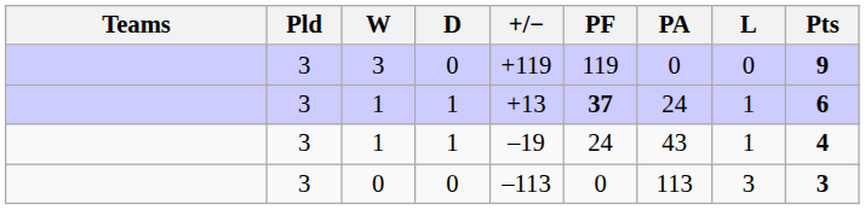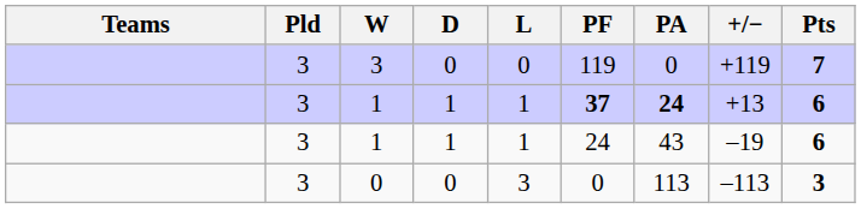 <table class="wikitable" style="text-align: center;">
 <tr>
 <th width="160">Teams</th>
 <th width="40">Pld</th>
 <th width="40">W</th>
 <th width="40">D</th>
-<th width="40">+/−</th>
+<th width="40">L</th>
 <th width="40">PF</th>
 <th width="40">PA</th>
-<th width="40">L</th>
+<th width="40">+/−</th>
 <th width="40">Pts</th>
 </tr>
 <tr bgcolor=ccccff>
 <td align=left></td>
 <td>3</td>
 <td>3</td>
 <td>0</td>
-<td>+119</td>
+<td>0</td>
 <td>119</td>
 <td>0</td>
-<td>0</td>
-<td><strong>9</strong></td>
+<td>+119</td>
+<td><strong>7</strong></td>
 </tr>
 <tr bgcolor=ccccff>
 <td align=left></td>
 <td>3</td>
 <td>1</td>
 <td>1</td>
+<td>1</td>
+<td><strong>37</strong></td>
+<td><strong>24</strong></td>
 <td>+13</td>
-<td><strong>37</strong></td>
-<td>24</td>
-<td>1</td>
 <td><strong>6</strong></td>
 </tr>
 <tr>
 <td align=left></td>
 <td>3</td>
 <td>1</td>
 <td>1</td>
-<td>–19</td>
+<td>1</td>
 <td>24</td>
 <td>43</td>
-<td>1</td>
-<td><strong>4</strong></td>
+<td>–19</td>
+<td><strong>6</strong></td>
 </tr>
 <tr>
 <td align=left></td>
 <td>3</td>
 <td>0</td>
 <td>0</td>
-<td>–113</td>
+<td>3</td>
 <td>0</td>
 <td>113</td>
-<td>3</td>
+<td>–113</td>
 <td><strong>3</strong></td>
 </tr>
 </table>
